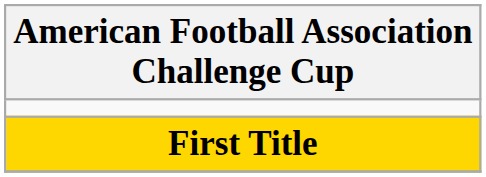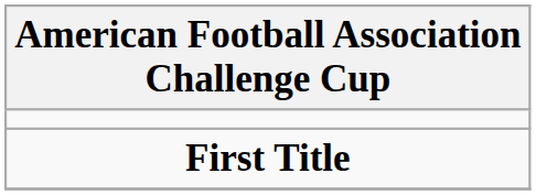 <table class="wikitable" style="text-align: center;" style="margin-left: auto; margin-right: auto; border: none;">
 <tr>
 <th width=>American Football Association<br> Challenge Cup</th>
 </tr>
 <tr>
 <td align=Center></td>
 </tr>
 <tr>
-<td align=Center style="background: gold;"><strong>First Title</strong></td>
+<td align=Center><strong>First Title</strong></td>
 </tr>
 <tr>
 </tr>
 </table>
